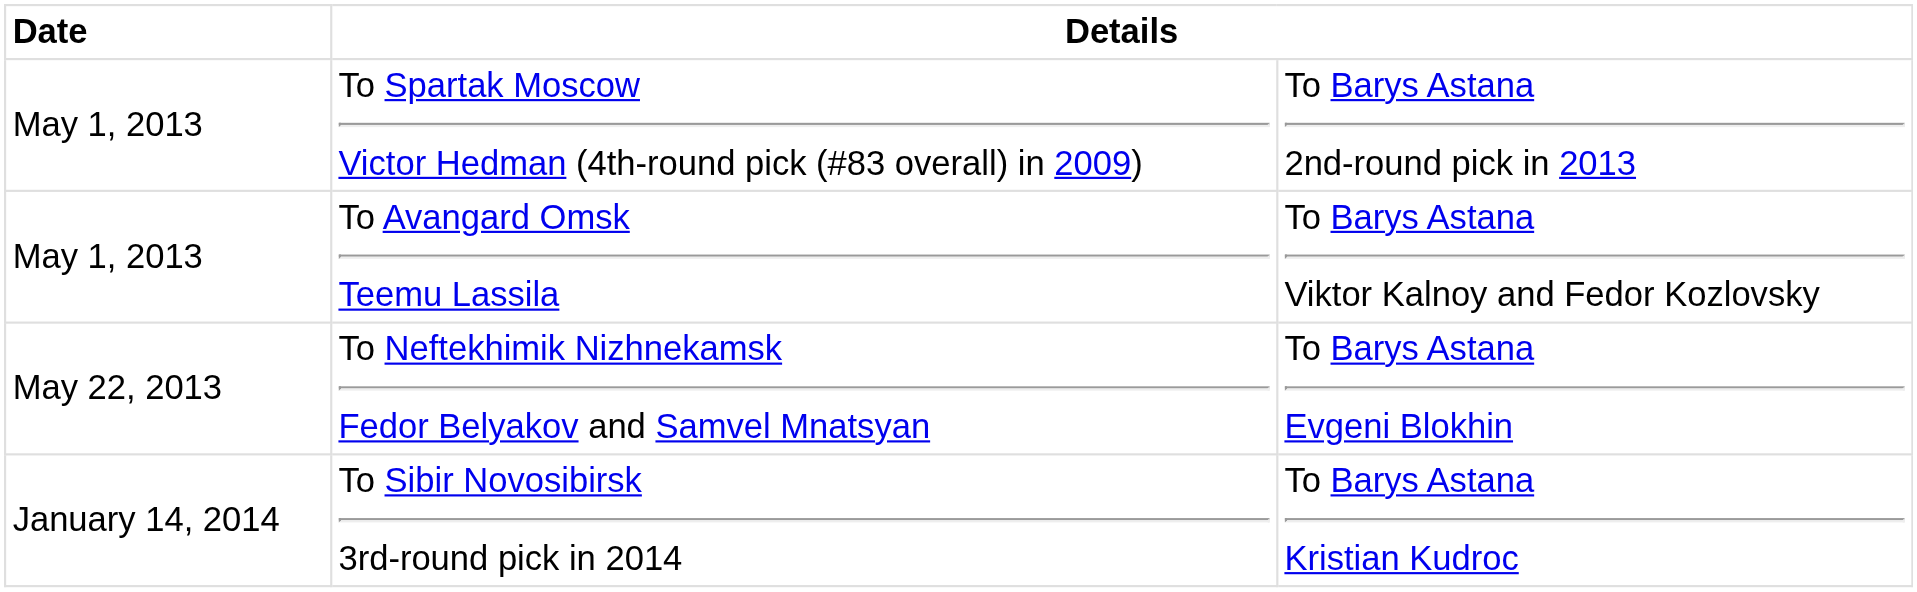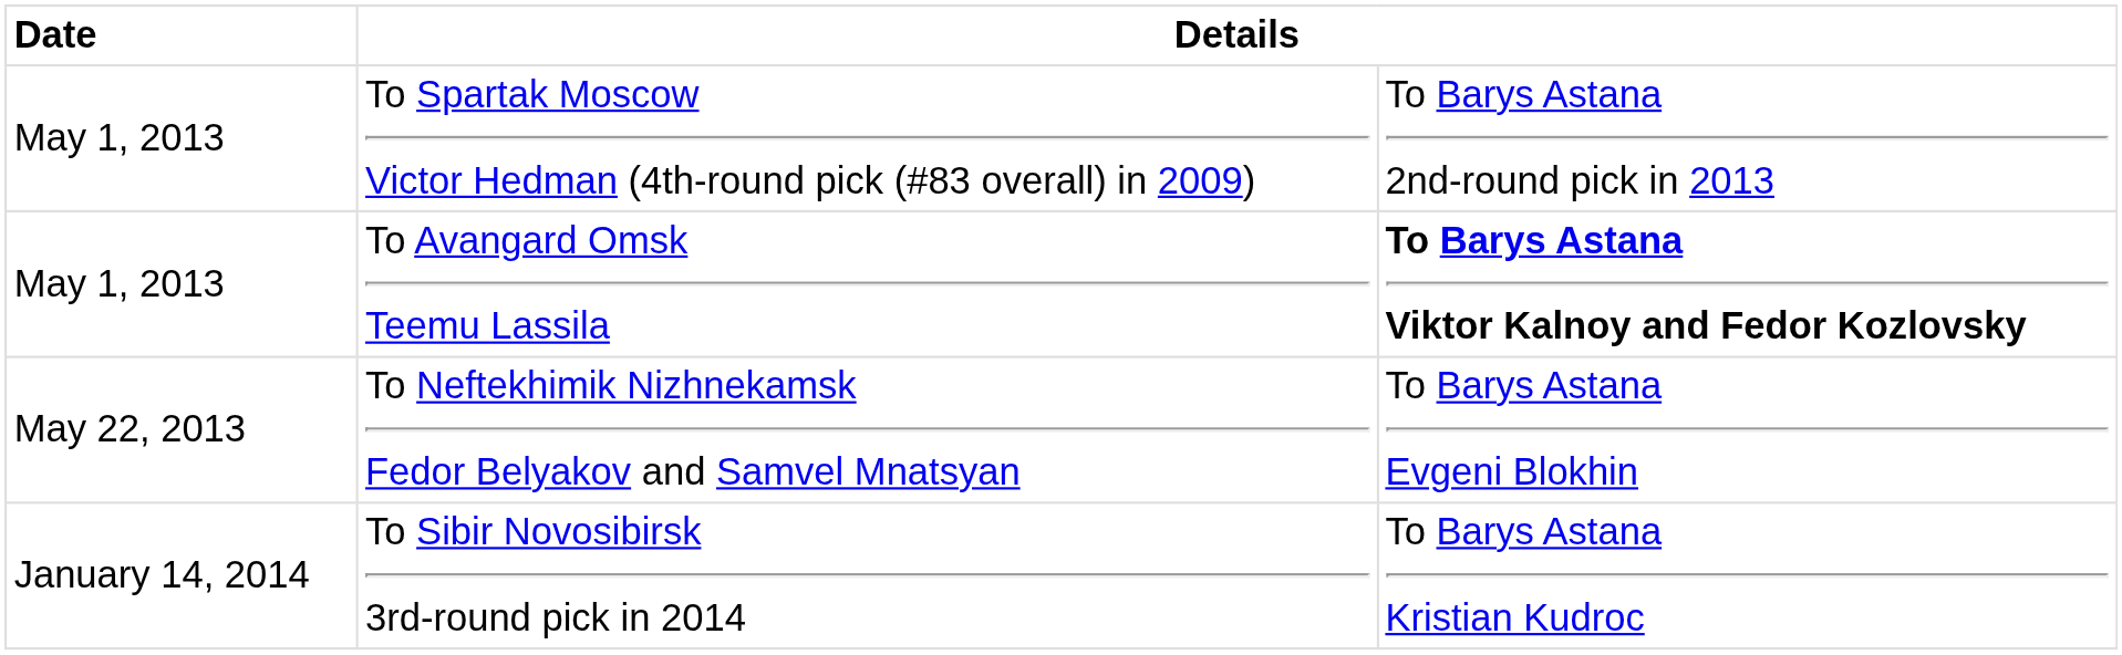 <table border=1 style="border-collapse:collapse" bordercolor="#DFDFDF" cellpadding="3" width=100%>
 <tr>
 <th style="text-align:left;">Date</th>
 <th colspan="2">Details</th>
 </tr>
 <tr>
 <td>May 1, 2013<br></td>
 <td valign="top">To <a href='#'>Spartak Moscow</a><hr> <a href='#'>Victor Hedman</a> (4th-round pick (#83 overall) in <a href='#'>2009</a>)</td>
 <td valign="top">To <a href='#'>Barys Astana</a><hr>2nd-round pick in <a href='#'>2013</a></td>
 </tr>
 <tr>
 <td>May 1, 2013<br></td>
 <td valign="top">To <a href='#'>Avangard Omsk</a><hr> <a href='#'>Teemu Lassila</a></td>
-<td valign="top">To <a href='#'>Barys Astana</a><hr> Viktor Kalnoy and  Fedor Kozlovsky</td>
+<td valign="top"><strong>To <a href='#'>Barys Astana</a><hr> Viktor Kalnoy and  Fedor Kozlovsky</strong></td>
 </tr>
 <tr>
 <td>May 22, 2013<br></td>
 <td valign="top">To <a href='#'>Neftekhimik Nizhnekamsk</a><hr> <a href='#'>Fedor Belyakov</a> and  <a href='#'>Samvel Mnatsyan</a></td>
 <td valign="top">To <a href='#'>Barys Astana</a><hr> <a href='#'>Evgeni Blokhin</a></td>
 </tr>
 <tr>
 <td>January 14, 2014<br></td>
 <td valign="top">To <a href='#'>Sibir Novosibirsk</a><hr>3rd-round pick in 2014</td>
 <td valign="top">To <a href='#'>Barys Astana</a><hr> <a href='#'>Kristian Kudroc</a></td>
 </tr>
 </table>
